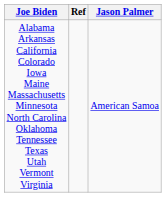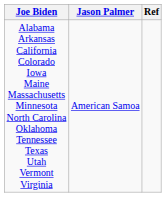 <table class="wikitable sortable" style="text-align:center;">
 <tr>
 <th><a href='#'>Joe Biden</a></th>
+<th><a href='#'>Jason Palmer</a></th>
 <th>Ref</th>
-<th><a href='#'>Jason Palmer</a></th>
 </tr>
 <tr>
 <td><a href='#'>Alabama</a><br><a href='#'>Arkansas</a><br><a href='#'>California</a><br><a href='#'>Colorado</a><br><a href='#'>Iowa</a><br><a href='#'>Maine</a><br><a href='#'>Massachusetts</a><br><a href='#'>Minnesota</a><br><a href='#'>North Carolina</a><br><a href='#'>Oklahoma</a><br><a href='#'>Tennessee</a><br><a href='#'>Texas</a><br><a href='#'>Utah</a><br><a href='#'>Vermont</a><br><a href='#'>Virginia</a></td>
+<td><a href='#'>American Samoa</a></td>
 <td></td>
-<td><a href='#'>American Samoa</a></td>
 </tr>
 </table>
